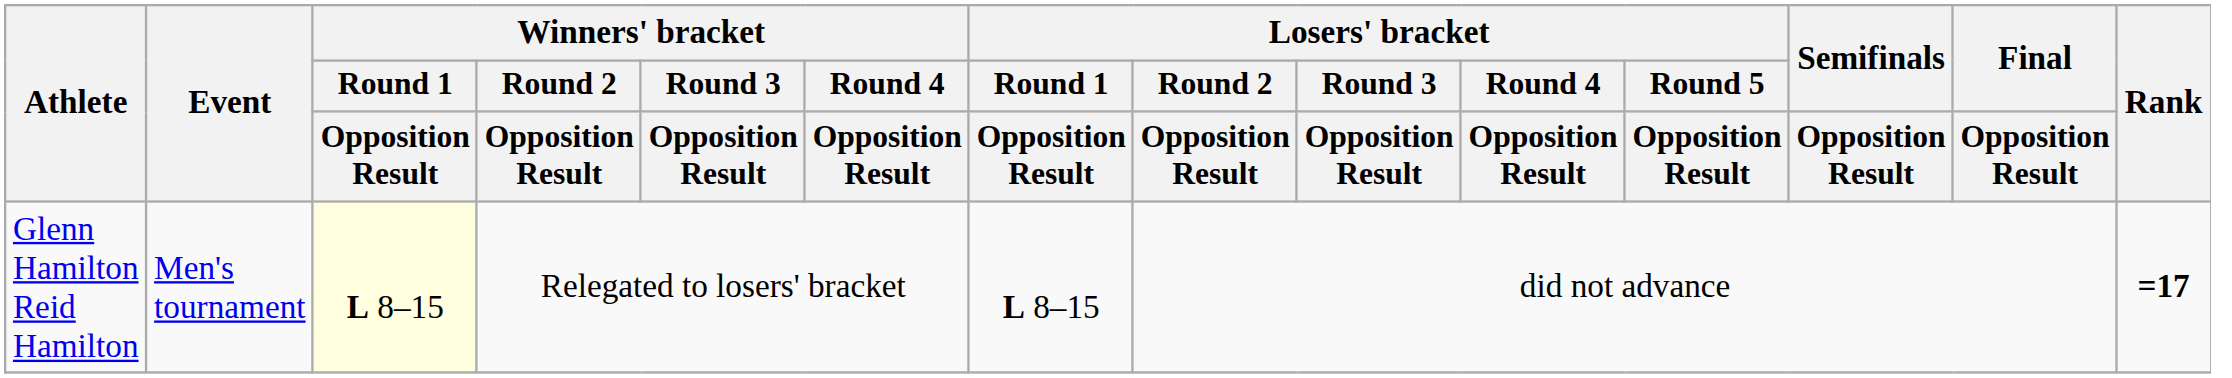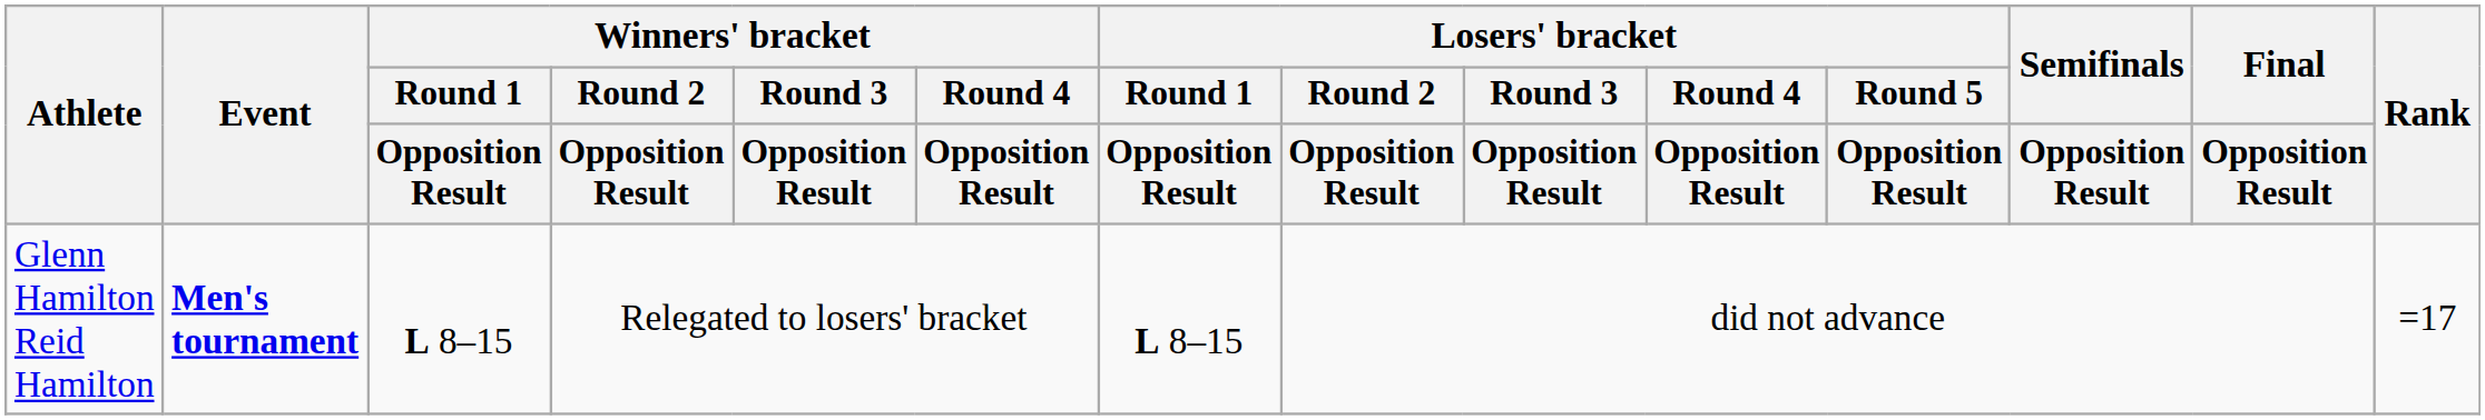 <table class="wikitable" style="font-size:90%;text-align:center;">
 <tr>
 <th rowspan=3>Athlete</th>
 <th rowspan=3>Event</th>
 <th colspan=4>Winners' bracket</th>
 <th colspan=5>Losers' bracket</th>
 <th rowspan=2>Semifinals</th>
 <th rowspan=2>Final</th>
 <th rowspan=3>Rank</th>
 </tr>
 <tr style="font-size:95%">
 <th>Round 1</th>
 <th>Round 2</th>
 <th>Round 3</th>
 <th>Round 4</th>
 <th>Round 1</th>
 <th>Round 2</th>
 <th>Round 3</th>
 <th>Round 4</th>
 <th>Round 5</th>
 </tr>
 <tr style="font-size:95%">
 <th>Opposition<br>Result</th>
 <th>Opposition<br>Result</th>
 <th>Opposition<br>Result</th>
 <th>Opposition<br>Result</th>
 <th>Opposition<br>Result</th>
 <th>Opposition<br>Result</th>
 <th>Opposition<br>Result</th>
 <th>Opposition<br>Result</th>
 <th>Opposition<br>Result</th>
 <th>Opposition<br>Result</th>
 <th>Opposition<br>Result</th>
 </tr>
 <tr>
 <td align=left><a href='#'>Glenn Hamilton</a><br><a href='#'>Reid Hamilton</a></td>
-<td align=left><a href='#'>Men's tournament</a></td>
-<td style="background: lightyellow;"><br><strong>L</strong> 8–15</td>
+<td align=left><strong><a href='#'>Men's tournament</a></strong></td>
+<td><br><strong>L</strong> 8–15</td>
 <td colspan=3>Relegated to losers' bracket</td>
 <td><br><strong>L</strong> 8–15</td>
 <td colspan=6>did not advance</td>
-<td><strong>=17</strong></td>
+<td>=17</td>
 </tr>
 </table>
